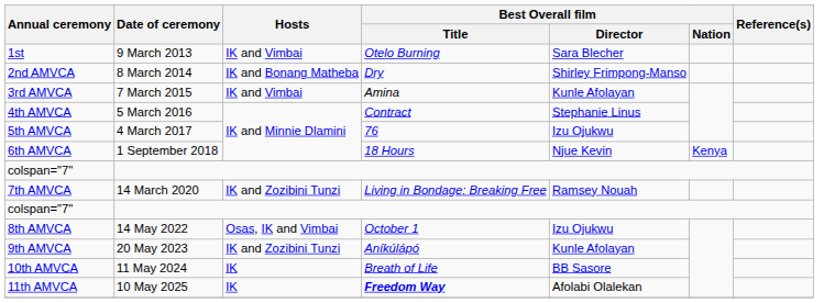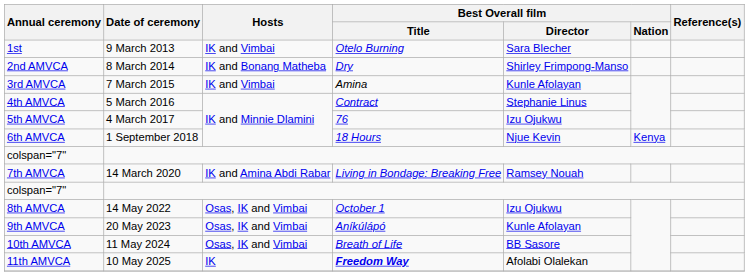 <table class="wikitable" style="text-align:left; font-size:100%;">
 <tr>
 <th rowspan=2>Annual ceremony</th>
 <th rowspan=2>Date of ceremony</th>
 <th rowspan=2>Hosts</th>
 <th colspan=3>Best Overall film</th>
 <th rowspan=2>Reference(s)</th>
 </tr>
 <tr>
 <th>Title</th>
 <th>Director</th>
 <th>Nation</th>
 </tr>
 <tr>
 <td><a href='#'>1st</a></td>
 <td>9 March 2013</td>
 <td><a href='#'>IK</a> and <a href='#'>Vimbai</a></td>
 <td><em><a href='#'>Otelo Burning</a></em></td>
 <td><a href='#'>Sara Blecher</a></td>
 <td></td>
 <td></td>
 </tr>
 <tr>
 <td><a href='#'>2nd AMVCA</a></td>
 <td>8 March 2014</td>
 <td><a href='#'>IK</a> and <a href='#'>Bonang Matheba</a></td>
 <td><em><a href='#'>Dry</a></em></td>
 <td><a href='#'>Shirley Frimpong-Manso</a></td>
 <td></td>
 <td></td>
 </tr>
 <tr>
 <td><a href='#'>3rd AMVCA</a></td>
 <td>7 March 2015</td>
 <td><a href='#'>IK</a> and <a href='#'>Vimbai</a></td>
 <td><em>Amina</em></td>
 <td><a href='#'>Kunle Afolayan</a></td>
 <td rowspan="3"></td>
 <td></td>
 </tr>
 <tr>
 <td><a href='#'>4th AMVCA</a></td>
 <td>5 March 2016</td>
 <td rowspan="3"><a href='#'>IK</a>  and <a href='#'>Minnie Dlamini</a></td>
 <td><em><a href='#'>Contract</a></em></td>
 <td><a href='#'>Stephanie Linus</a></td>
 <td></td>
 </tr>
 <tr>
 <td><a href='#'>5th AMVCA</a></td>
 <td>4 March 2017</td>
 <td><em><a href='#'>76</a></em></td>
 <td><a href='#'>Izu Ojukwu</a></td>
 <td></td>
 </tr>
 <tr>
 <td><a href='#'>6th AMVCA</a></td>
 <td>1 September 2018</td>
 <td><em><a href='#'>18 Hours</a></em></td>
 <td><a href='#'>Njue Kevin</a></td>
 <td> <a href='#'>Kenya</a></td>
 <td></td>
 </tr>
 <tr>
 <td>colspan="7" </td>
 </tr>
 <tr>
 <td><a href='#'>7th AMVCA</a></td>
 <td>14 March 2020</td>
-<td><a href='#'>IK</a> and <a href='#'>Zozibini Tunzi</a></td>
+<td><a href='#'>IK</a> and <a href='#'>Amina Abdi Rabar</a></td>
 <td><em><a href='#'>Living in Bondage: Breaking Free</a></em></td>
 <td><a href='#'>Ramsey Nouah</a></td>
 <td></td>
 <td></td>
 </tr>
 <tr>
 <td>colspan="7" </td>
 </tr>
 <tr>
 <td><a href='#'>8th AMVCA</a></td>
 <td>14 May 2022</td>
 <td><a href='#'>Osas</a>, <a href='#'>IK</a> and <a href='#'>Vimbai</a></td>
 <td><em><a href='#'>October 1</a></em></td>
 <td><a href='#'>Izu Ojukwu</a></td>
 <td rowspan="4"></td>
 <td></td>
 </tr>
 <tr>
 <td><a href='#'>9th AMVCA</a></td>
 <td>20 May 2023</td>
-<td><a href='#'>IK</a> and <a href='#'>Zozibini Tunzi</a></td>
+<td><a href='#'>Osas</a>, <a href='#'>IK</a> and <a href='#'>Vimbai</a></td>
 <td><em><a href='#'>Aníkúlápó</a></em></td>
 <td><a href='#'>Kunle Afolayan</a></td>
 <td></td>
 </tr>
 <tr>
 <td><a href='#'>10th AMVCA</a></td>
 <td>11 May 2024</td>
-<td><a href='#'>IK</a></td>
+<td><a href='#'>Osas</a>, <a href='#'>IK</a> and <a href='#'>Vimbai</a></td>
 <td><em><a href='#'>Breath of Life</a></em></td>
 <td><a href='#'>BB Sasore</a></td>
 <td></td>
 </tr>
 <tr>
 <td><a href='#'>11th AMVCA</a></td>
 <td>10 May 2025</td>
 <td><a href='#'>IK</a></td>
 <td><strong><em><a href='#'>Freedom Way</a></em></strong></td>
 <td>Afolabi Olalekan</td>
 <td></td>
 </tr>
 <tr>
 </tr>
 </table>
